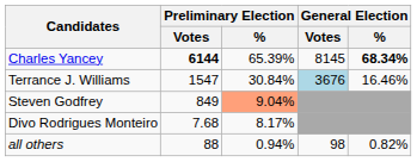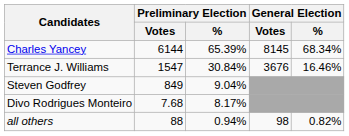 <table class=wikitable>
 <tr>
 <th colspan=1 rowspan=2><strong>Candidates</strong></th>
 <th colspan=2><strong>Preliminary Election</strong></th>
 <th colspan=2><strong>General Election</strong></th>
 </tr>
 <tr>
 <th>Votes</th>
 <th>%</th>
 <th>Votes</th>
 <th>%</th>
 </tr>
 <tr>
 <td><a href='#'>Charles Yancey</a></td>
-<td align="right"><strong>6144</strong></td>
+<td align="right">6144</td>
 <td align="right">65.39%</td>
 <td align="right">8145</td>
-<td align="right"><strong>68.34%</strong></td>
+<td align="right">68.34%</td>
 </tr>
 <tr>
 <td>Terrance J. Williams</td>
 <td align="right">1547</td>
 <td align="right">30.84%</td>
-<td align="right" style="background: lightblue;">3676</td>
+<td align="right">3676</td>
 <td align="right">16.46%</td>
 </tr>
 <tr>
 <td>Steven Godfrey</td>
 <td align="right">849</td>
-<td align="right" style="background: lightsalmon;">9.04%</td>
+<td align="right">9.04%</td>
 <td colspan=2 bgcolor=darkgray> </td>
 </tr>
 <tr>
 <td>Divo Rodrigues Monteiro</td>
 <td align="right">7.68</td>
 <td align="right">8.17%</td>
 <td colspan=2 bgcolor=darkgray> </td>
 </tr>
 <tr>
 <td><em>all others</em></td>
 <td align="right">88</td>
 <td align="right">0.94%</td>
 <td align="right">98</td>
 <td align="right">0.82%</td>
 </tr>
 </table>
